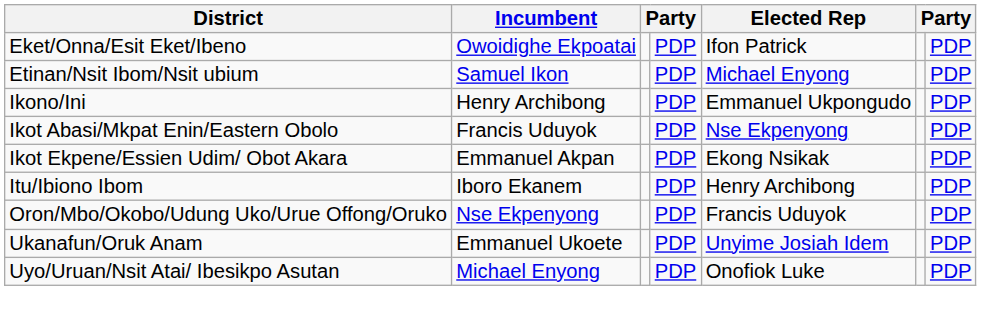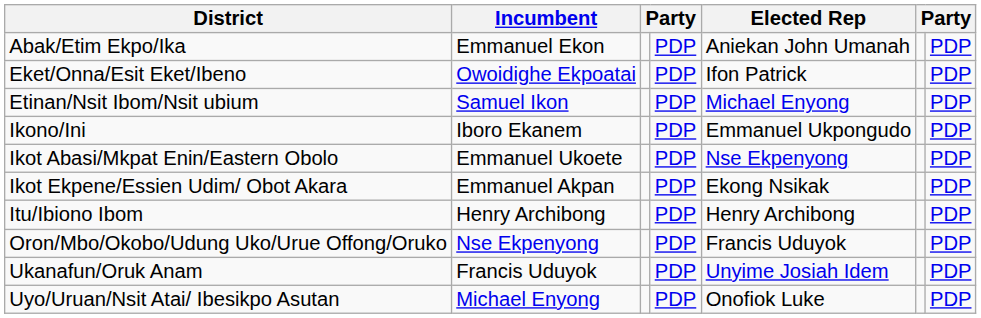 <table class="sortable wikitable" style="font-size:95%;line-height:14px;">
 <tr>
 <th class="unsortable">District</th>
 <th class="unsortable"><a href='#'>Incumbent</a></th>
 <th colspan="2">Party</th>
 <th class="unsortable">Elected Rep</th>
 <th colspan="2">Party</th>
+</tr>
+<tr>
+<td>Abak/Etim Ekpo/Ika</td>
+<td>Emmanuel Ekon</td>
+<td style="background:"></td>
+<td><a href='#'>PDP</a></td>
+<td>Aniekan John Umanah</td>
+<td style="background:"></td>
+<td><a href='#'>PDP</a></td>
 </tr>
 <tr>
 <td>Eket/Onna/Esit Eket/Ibeno</td>
 <td><a href='#'>Owoidighe Ekpoatai</a></td>
 <td style="background:"></td>
 <td><a href='#'>PDP</a></td>
 <td>Ifon Patrick</td>
 <td style="background:"></td>
 <td><a href='#'>PDP</a></td>
 </tr>
 <tr>
 <td>Etinan/Nsit Ibom/Nsit ubium</td>
 <td><a href='#'>Samuel Ikon</a></td>
 <td style="background:"></td>
 <td><a href='#'>PDP</a></td>
 <td><a href='#'>Michael Enyong</a></td>
 <td style="background:"></td>
 <td><a href='#'>PDP</a></td>
 </tr>
 <tr>
 <td>Ikono/Ini</td>
-<td>Henry Archibong</td>
+<td>Iboro Ekanem</td>
 <td style="background:"></td>
 <td><a href='#'>PDP</a></td>
 <td>Emmanuel Ukpongudo</td>
 <td style="background:"></td>
 <td><a href='#'>PDP</a></td>
 </tr>
 <tr>
 <td>Ikot Abasi/Mkpat Enin/Eastern Obolo</td>
-<td>Francis Uduyok</td>
+<td>Emmanuel Ukoete</td>
 <td style="background:"></td>
 <td><a href='#'>PDP</a></td>
 <td><a href='#'>Nse Ekpenyong</a></td>
 <td style="background:"></td>
 <td><a href='#'>PDP</a></td>
 </tr>
 <tr>
 <td>Ikot Ekpene/Essien Udim/ Obot Akara</td>
 <td>Emmanuel Akpan</td>
 <td style="background:"></td>
 <td><a href='#'>PDP</a></td>
 <td>Ekong Nsikak</td>
 <td style="background:"></td>
 <td><a href='#'>PDP</a></td>
 </tr>
 <tr>
 <td>Itu/Ibiono Ibom</td>
-<td>Iboro Ekanem</td>
+<td>Henry Archibong</td>
 <td style="background:"></td>
 <td><a href='#'>PDP</a></td>
 <td>Henry Archibong</td>
 <td style="background:"></td>
 <td><a href='#'>PDP</a></td>
 </tr>
 <tr>
 <td>Oron/Mbo/Okobo/Udung Uko/Urue Offong/Oruko</td>
 <td><a href='#'>Nse Ekpenyong</a></td>
 <td style="background:"></td>
 <td><a href='#'>PDP</a></td>
 <td>Francis Uduyok</td>
 <td style="background:"></td>
 <td><a href='#'>PDP</a></td>
 </tr>
 <tr>
 <td>Ukanafun/Oruk Anam</td>
-<td>Emmanuel Ukoete</td>
+<td>Francis Uduyok</td>
 <td style="background:"></td>
 <td><a href='#'>PDP</a></td>
 <td><a href='#'>Unyime Josiah Idem</a></td>
 <td style="background:"></td>
 <td><a href='#'>PDP</a></td>
 </tr>
 <tr>
 <td>Uyo/Uruan/Nsit Atai/ Ibesikpo Asutan</td>
 <td><a href='#'>Michael Enyong</a></td>
 <td style="background:"></td>
 <td><a href='#'>PDP</a></td>
 <td>Onofiok Luke</td>
 <td style="background:"></td>
 <td><a href='#'>PDP</a></td>
 </tr>
 </table>
